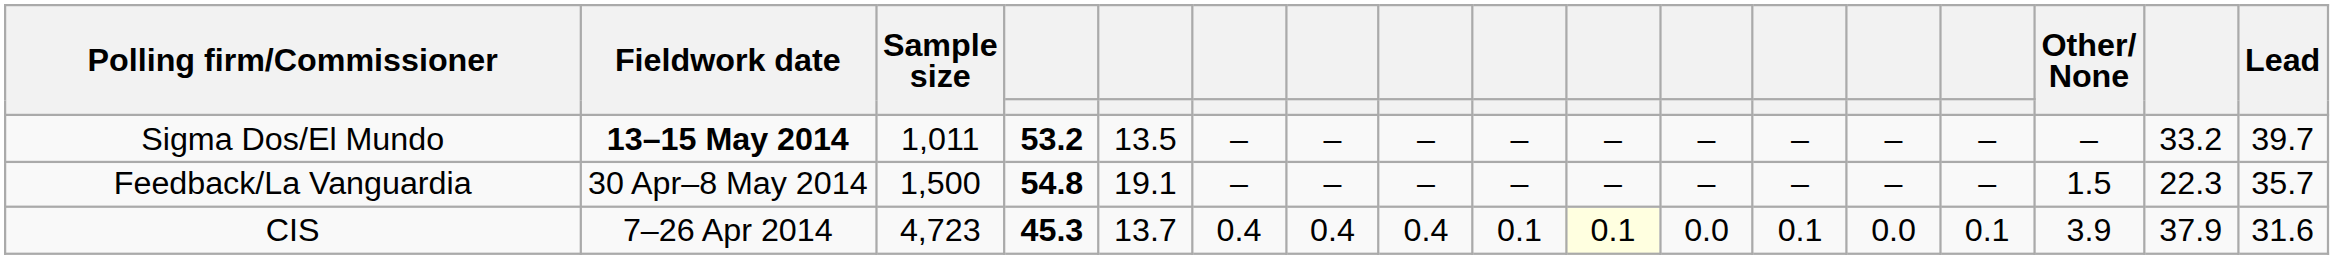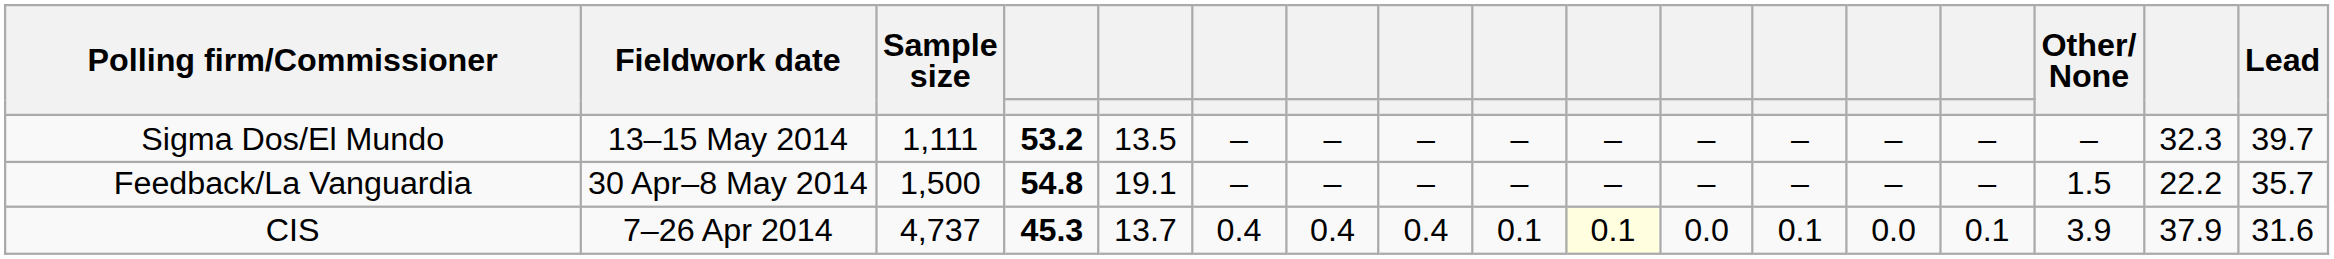 <table class="wikitable collapsible collapsed" style="text-align:center; font-size:90%; line-height:14px;">
 <tr style="height:42px;">
 <th style="width:250px;" rowspan="2">Polling firm/Commissioner</th>
 <th style="width:125px;" rowspan="2">Fieldwork date</th>
 <th style="width:50px;" rowspan="2">Sample size</th>
 <th style="width:35px;"></th>
 <th style="width:35px;"></th>
 <th style="width:35px;"></th>
 <th style="width:35px;"></th>
 <th style="width:35px;"></th>
 <th style="width:35px;"></th>
 <th style="width:35px;"></th>
 <th style="width:35px;"></th>
 <th style="width:35px;"></th>
 <th style="width:35px;"></th>
 <th style="width:35px;"></th>
 <th style="width:35px;" rowspan="2">Other/<br>None</th>
 <th style="width:35px;" rowspan="2"></th>
 <th style="width:30px;" rowspan="2">Lead</th>
 </tr>
 <tr>
 <th style="color:inherit;background:"></th>
 <th style="color:inherit;background:"></th>
 <th style="color:inherit;background:"></th>
 <th style="color:inherit;background:"></th>
 <th style="color:inherit;background:"></th>
 <th style="color:inherit;background:"></th>
 <th style="color:inherit;background:"></th>
 <th style="color:inherit;background:"></th>
 <th style="color:inherit;background:"></th>
 <th style="color:inherit;background:"></th>
 <th style="color:inherit;background:"></th>
 </tr>
 <tr>
 <td>Sigma Dos/El Mundo</td>
-<td><strong>13–15 May 2014</strong></td>
-<td>1,011</td>
+<td>13–15 May 2014</td>
+<td>1,111</td>
 <td><strong>53.2</strong></td>
 <td>13.5</td>
 <td>–</td>
 <td>–</td>
 <td>–</td>
 <td>–</td>
 <td>–</td>
 <td>–</td>
 <td>–</td>
 <td>–</td>
 <td>–</td>
 <td>–</td>
-<td>33.2</td>
+<td>32.3</td>
 <td style="background:">39.7</td>
 </tr>
 <tr>
 <td>Feedback/La Vanguardia</td>
 <td>30 Apr–8 May 2014</td>
 <td>1,500</td>
 <td><strong>54.8</strong></td>
 <td>19.1</td>
 <td>–</td>
 <td>–</td>
 <td>–</td>
 <td>–</td>
 <td>–</td>
 <td>–</td>
 <td>–</td>
 <td>–</td>
 <td>–</td>
 <td>1.5</td>
-<td>22.3</td>
+<td>22.2</td>
 <td style="background:">35.7</td>
 </tr>
 <tr>
 <td>CIS</td>
 <td>7–26 Apr 2014</td>
-<td>4,723</td>
+<td>4,737</td>
 <td><strong>45.3</strong></td>
 <td>13.7</td>
 <td>0.4</td>
 <td>0.4</td>
 <td>0.4</td>
 <td>0.1</td>
 <td style="background: lightyellow;">0.1</td>
 <td>0.0</td>
 <td>0.1</td>
 <td>0.0</td>
 <td>0.1</td>
 <td>3.9</td>
 <td>37.9</td>
 <td style="background:">31.6</td>
 </tr>
 </table>
